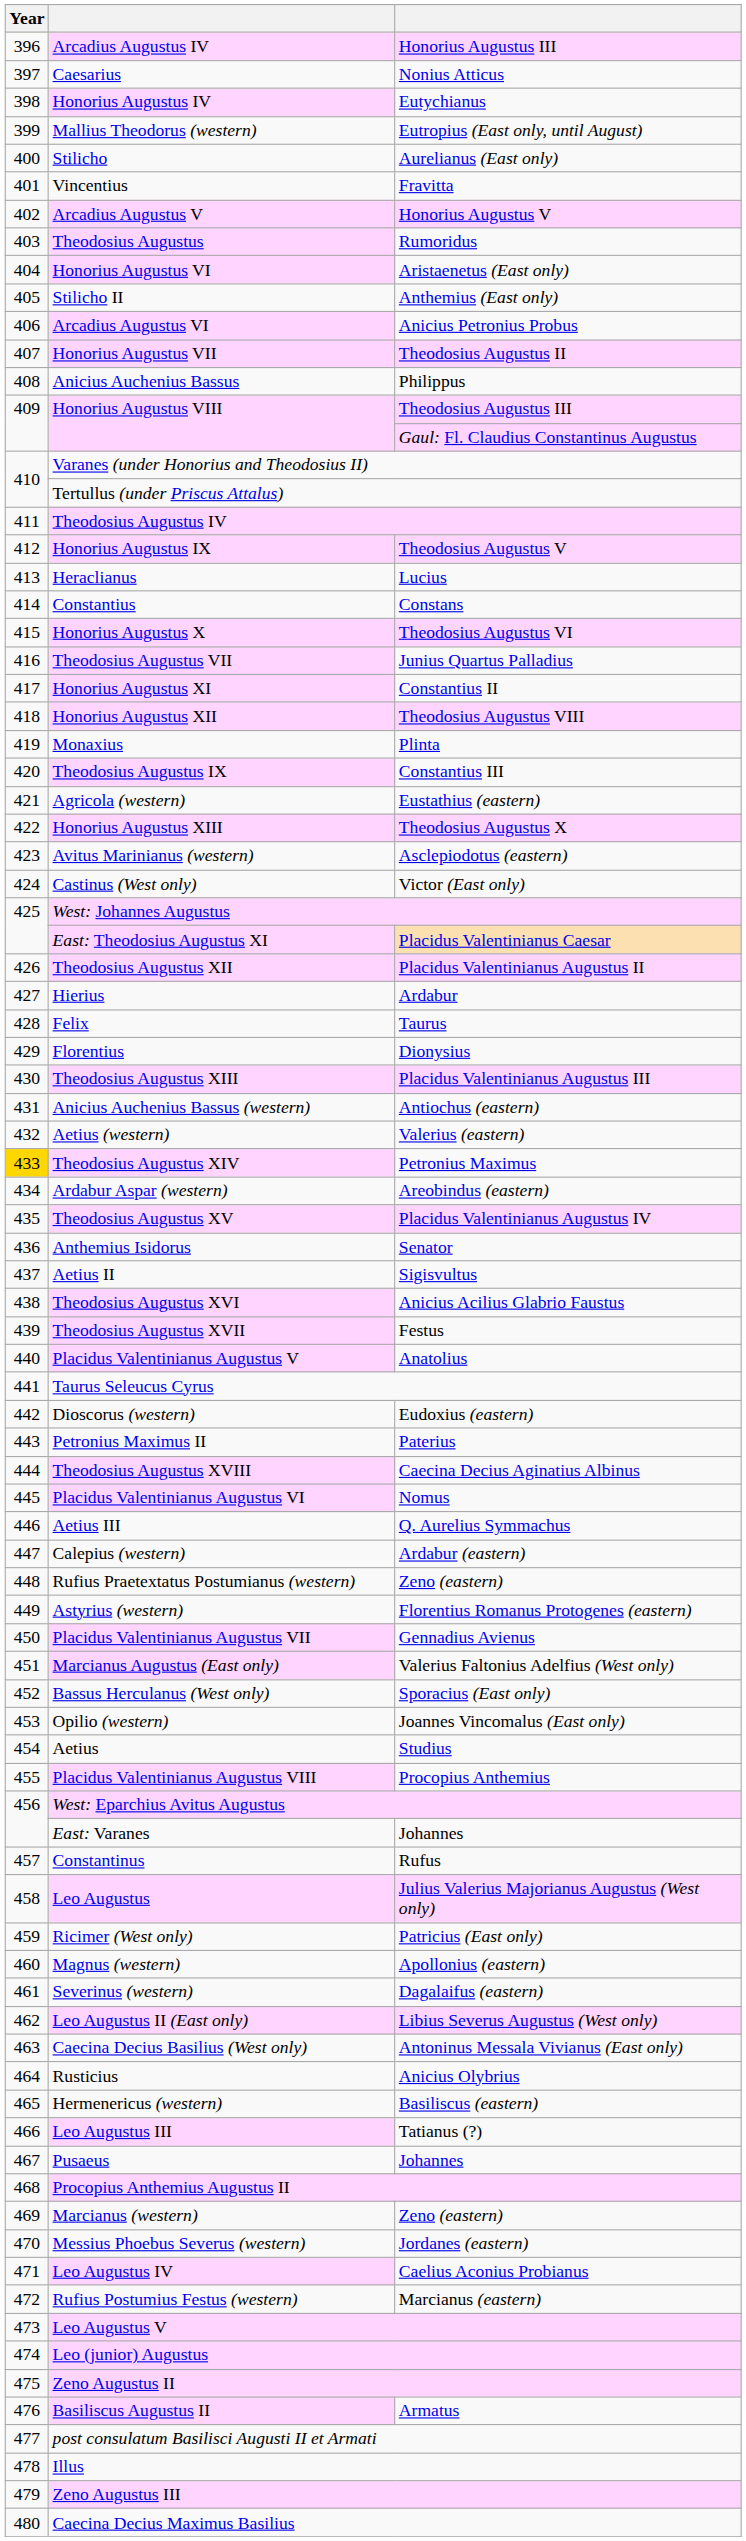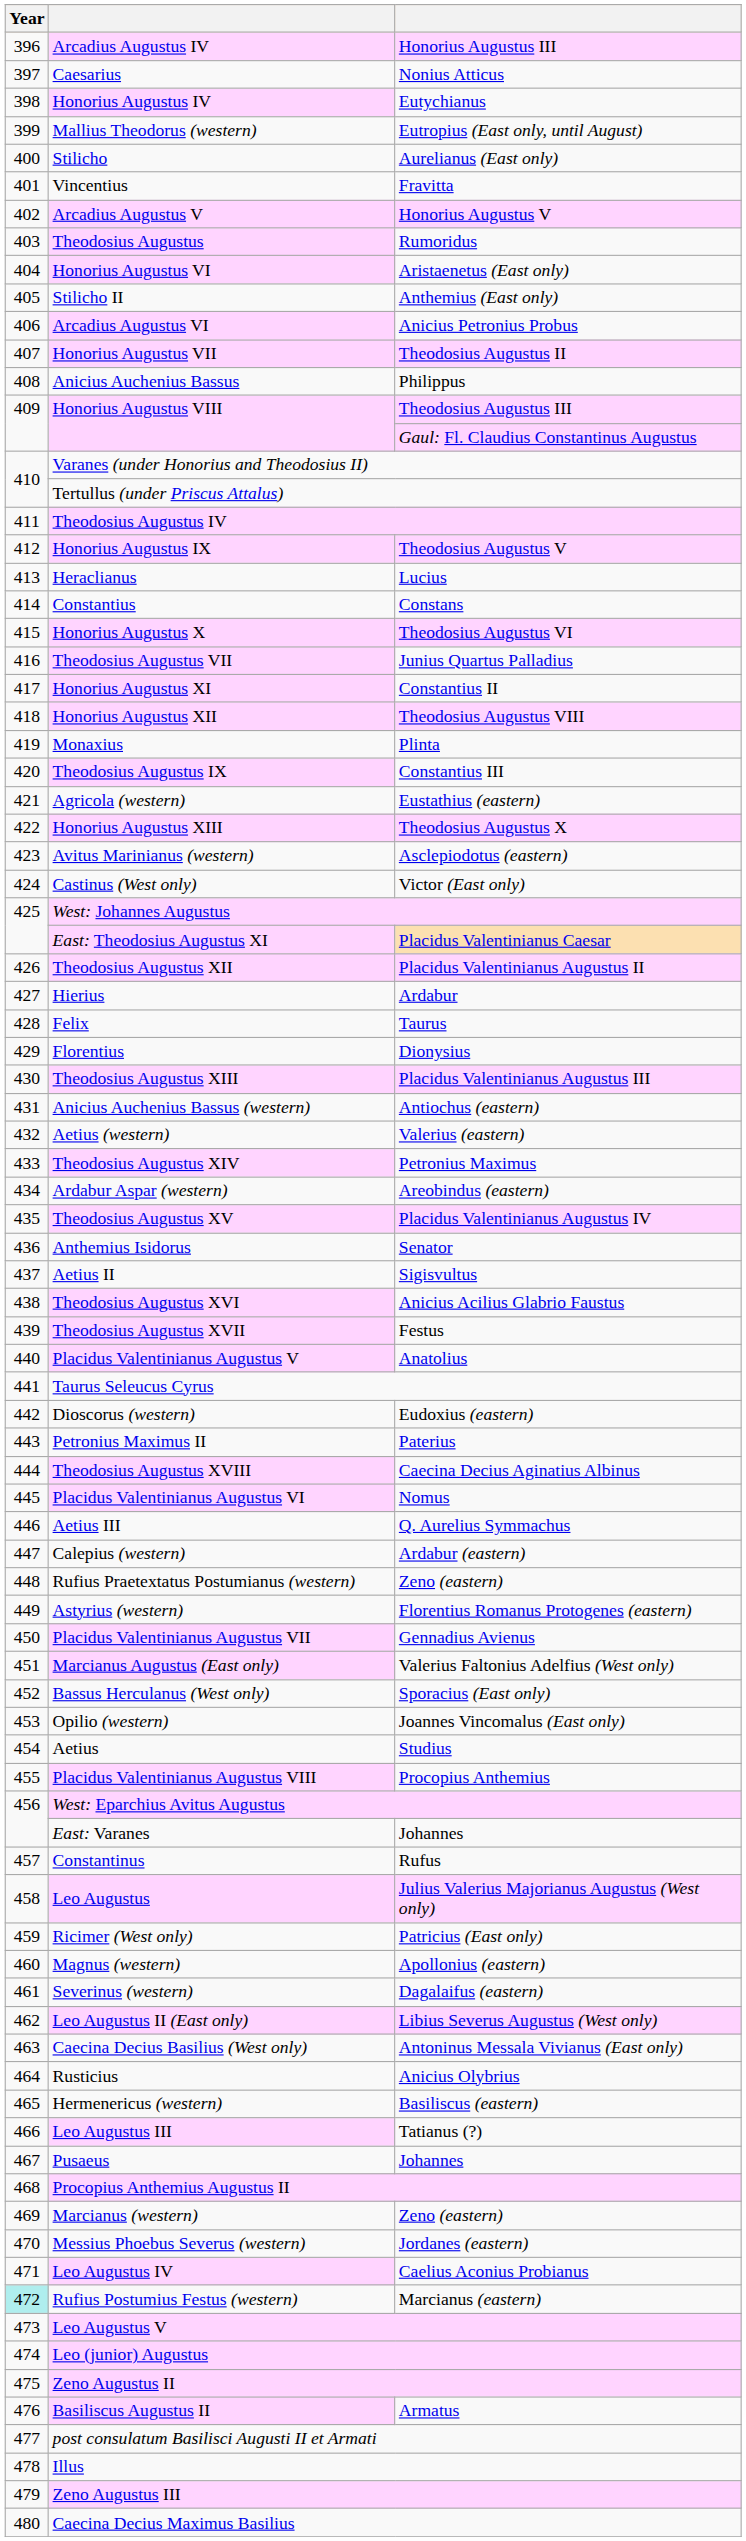 <table class="wikitable" style="width:670px; margin-left: auto; margin-right: auto; border: none;">
 <tr bgcolor="#FFDEAD">
 <th width=4%>Year</th>
 <th width=48%></th>
 <th width=48%></th>
 </tr>
 <tr>
 <td align=center>396</td>
 <td bgcolor="#ffd4ff"><a href='#'>Arcadius Augustus</a> IV</td>
 <td bgcolor="#ffd4ff"><a href='#'>Honorius Augustus</a> III</td>
 </tr>
 <tr>
 <td align=center>397</td>
 <td><a href='#'>Caesarius</a></td>
 <td><a href='#'>Nonius Atticus</a></td>
 </tr>
 <tr>
 <td align=center>398</td>
 <td bgcolor="#ffd4ff"><a href='#'>Honorius Augustus</a> IV</td>
 <td><a href='#'>Eutychianus</a></td>
 </tr>
 <tr>
 <td align=center>399</td>
 <td><a href='#'>Mallius Theodorus</a> <em>(western)</em></td>
 <td><a href='#'>Eutropius</a> <em>(East only, until August)</em></td>
 </tr>
 <tr>
 <td align=center>400</td>
 <td><a href='#'>Stilicho</a></td>
 <td><a href='#'>Aurelianus</a> <em>(East only)</em></td>
 </tr>
 <tr>
 <td align=center>401</td>
 <td>Vincentius</td>
 <td><a href='#'>Fravitta</a></td>
 </tr>
 <tr>
 <td align=center>402</td>
 <td bgcolor="#ffd4ff"><a href='#'>Arcadius Augustus</a> V</td>
 <td bgcolor="#ffd4ff"><a href='#'>Honorius Augustus</a> V</td>
 </tr>
 <tr>
 <td align=center>403</td>
 <td bgcolor="#ffd4ff"><a href='#'>Theodosius Augustus</a></td>
 <td><a href='#'>Rumoridus</a></td>
 </tr>
 <tr>
 <td align=center>404</td>
 <td bgcolor="#ffd4ff"><a href='#'>Honorius Augustus</a> VI</td>
 <td><a href='#'>Aristaenetus</a> <em>(East only)</em></td>
 </tr>
 <tr>
 <td align=center>405</td>
 <td><a href='#'>Stilicho</a> II</td>
 <td><a href='#'>Anthemius</a> <em>(East only)</em></td>
 </tr>
 <tr>
 <td align=center>406</td>
 <td bgcolor="#ffd4ff"><a href='#'>Arcadius Augustus</a> VI</td>
 <td><a href='#'>Anicius Petronius Probus</a></td>
 </tr>
 <tr>
 <td align=center>407</td>
 <td bgcolor="#ffd4ff"><a href='#'>Honorius Augustus</a> VII</td>
 <td bgcolor="#ffd4ff"><a href='#'>Theodosius Augustus</a> II</td>
 </tr>
 <tr>
 <td align=center>408</td>
 <td><a href='#'>Anicius Auchenius Bassus</a></td>
 <td>Philippus</td>
 </tr>
 <tr>
 <td align=center rowspan="2" style="vertical-align: top;">409</td>
 <td rowspan="2" style="vertical-align: top;" bgcolor="#ffd4ff"><a href='#'>Honorius Augustus</a> VIII</td>
 <td bgcolor="#ffd4ff"><a href='#'>Theodosius Augustus</a> III</td>
 </tr>
 <tr>
 <td bgcolor="#ffd4ff"><em>Gaul:</em> <a href='#'>Fl. Claudius Constantinus Augustus</a></td>
 </tr>
 <tr>
 <td rowspan="2" align="center">410</td>
 <td colspan="2"><a href='#'>Varanes</a> <em>(under Honorius and Theodosius II)</em></td>
 </tr>
 <tr>
 <td colspan="2">Tertullus <em>(under <a href='#'>Priscus Attalus</a>)</em></td>
 </tr>
 <tr>
 <td align=center>411</td>
 <td colspan="2" bgcolor="#ffd4ff"><a href='#'>Theodosius Augustus</a> IV</td>
 </tr>
 <tr>
 <td align=center>412</td>
 <td bgcolor="#ffd4ff"><a href='#'>Honorius Augustus</a> IX</td>
 <td bgcolor="#ffd4ff"><a href='#'>Theodosius Augustus</a> V</td>
 </tr>
 <tr>
 <td align=center>413</td>
 <td><a href='#'>Heraclianus</a></td>
 <td><a href='#'>Lucius</a></td>
 </tr>
 <tr>
 <td align=center>414</td>
 <td><a href='#'>Constantius</a></td>
 <td><a href='#'>Constans</a></td>
 </tr>
 <tr>
 <td align=center>415</td>
 <td bgcolor="#ffd4ff"><a href='#'>Honorius Augustus</a> X</td>
 <td bgcolor="#ffd4ff"><a href='#'>Theodosius Augustus</a> VI</td>
 </tr>
 <tr>
 <td align=center>416</td>
 <td bgcolor="#ffd4ff"><a href='#'>Theodosius Augustus</a> VII</td>
 <td><a href='#'>Junius Quartus Palladius</a></td>
 </tr>
 <tr>
 <td align=center>417</td>
 <td bgcolor="#ffd4ff"><a href='#'>Honorius Augustus</a> XI</td>
 <td><a href='#'>Constantius</a> II</td>
 </tr>
 <tr>
 <td align=center>418</td>
 <td bgcolor="#ffd4ff"><a href='#'>Honorius Augustus</a> XII</td>
 <td bgcolor="#ffd4ff"><a href='#'>Theodosius Augustus</a> VIII</td>
 </tr>
 <tr>
 <td align=center>419</td>
 <td><a href='#'>Monaxius</a></td>
 <td><a href='#'>Plinta</a></td>
 </tr>
 <tr>
 <td align=center>420</td>
 <td bgcolor="#ffd4ff"><a href='#'>Theodosius Augustus</a> IX</td>
 <td><a href='#'>Constantius</a> III</td>
 </tr>
 <tr>
 <td align=center>421</td>
 <td><a href='#'>Agricola</a> <em>(western)</em></td>
 <td><a href='#'>Eustathius</a> <em>(eastern)</em></td>
 </tr>
 <tr>
 <td align=center>422</td>
 <td bgcolor="#ffd4ff"><a href='#'>Honorius Augustus</a> XIII</td>
 <td bgcolor="#ffd4ff"><a href='#'>Theodosius Augustus</a> X</td>
 </tr>
 <tr>
 <td align=center>423</td>
 <td><a href='#'>Avitus Marinianus</a> <em>(western)</em></td>
 <td><a href='#'>Asclepiodotus</a> <em>(eastern)</em></td>
 </tr>
 <tr>
 <td align=center>424</td>
 <td><a href='#'>Castinus</a> <em>(West only)</em></td>
 <td>Victor <em>(East only)</em></td>
 </tr>
 <tr>
 <td align=center rowspan="2" style="vertical-align: top;">425</td>
 <td colspan="2" bgcolor="#ffd4ff"><em>West:</em> <a href='#'>Johannes Augustus</a></td>
 </tr>
 <tr>
 <td bgcolor="#ffd4ff"><em>East:</em> <a href='#'>Theodosius Augustus</a> XI</td>
 <td bgcolor="#fce0b1"><a href='#'>Placidus Valentinianus Caesar</a></td>
 </tr>
 <tr>
 <td align=center>426</td>
 <td bgcolor="#ffd4ff"><a href='#'>Theodosius Augustus</a> XII</td>
 <td bgcolor="#ffd4ff"><a href='#'>Placidus Valentinianus Augustus</a> II</td>
 </tr>
 <tr>
 <td align=center>427</td>
 <td><a href='#'>Hierius</a></td>
 <td><a href='#'>Ardabur</a></td>
 </tr>
 <tr>
 <td align=center>428</td>
 <td><a href='#'>Felix</a></td>
 <td><a href='#'>Taurus</a></td>
 </tr>
 <tr>
 <td align=center>429</td>
 <td><a href='#'>Florentius</a></td>
 <td><a href='#'>Dionysius</a></td>
 </tr>
 <tr>
 <td align=center>430</td>
 <td bgcolor="#ffd4ff"><a href='#'>Theodosius Augustus</a> XIII</td>
 <td bgcolor="#ffd4ff"><a href='#'>Placidus Valentinianus Augustus</a> III</td>
 </tr>
 <tr>
 <td align=center>431</td>
 <td><a href='#'>Anicius Auchenius Bassus</a> <em>(western)</em></td>
 <td><a href='#'>Antiochus</a> <em>(eastern)</em></td>
 </tr>
 <tr>
 <td align=center>432</td>
 <td><a href='#'>Aetius</a> <em>(western)</em></td>
 <td><a href='#'>Valerius</a> <em>(eastern)</em></td>
 </tr>
 <tr>
-<td align=center style="background: gold;">433</td>
+<td align=center>433</td>
 <td bgcolor="#ffd4ff"><a href='#'>Theodosius Augustus</a> XIV</td>
 <td><a href='#'>Petronius Maximus</a></td>
 </tr>
 <tr>
 <td align=center>434</td>
 <td><a href='#'>Ardabur Aspar</a> <em>(western)</em></td>
 <td><a href='#'>Areobindus</a> <em>(eastern)</em></td>
 </tr>
 <tr>
 <td align=center>435</td>
 <td bgcolor="#ffd4ff"><a href='#'>Theodosius Augustus</a> XV</td>
 <td bgcolor="#ffd4ff"><a href='#'>Placidus Valentinianus Augustus</a> IV</td>
 </tr>
 <tr>
 <td align=center>436</td>
 <td><a href='#'>Anthemius Isidorus</a></td>
 <td><a href='#'>Senator</a></td>
 </tr>
 <tr>
 <td align=center>437</td>
 <td><a href='#'>Aetius</a> II</td>
 <td><a href='#'>Sigisvultus</a></td>
 </tr>
 <tr>
 <td align=center>438</td>
 <td bgcolor="#ffd4ff"><a href='#'>Theodosius Augustus</a> XVI</td>
 <td><a href='#'>Anicius Acilius Glabrio Faustus</a></td>
 </tr>
 <tr>
 <td align=center>439</td>
 <td bgcolor="#ffd4ff"><a href='#'>Theodosius Augustus</a> XVII</td>
 <td>Festus</td>
 </tr>
 <tr>
 <td align=center>440</td>
 <td bgcolor="#ffd4ff"><a href='#'>Placidus Valentinianus Augustus</a> V</td>
 <td><a href='#'>Anatolius</a></td>
 </tr>
 <tr>
 <td align=center>441</td>
 <td colspan="2"><a href='#'>Taurus Seleucus Cyrus</a></td>
 </tr>
 <tr>
 <td align=center>442</td>
 <td>Dioscorus <em>(western)</em></td>
 <td>Eudoxius <em>(eastern)</em></td>
 </tr>
 <tr>
 <td align=center>443</td>
 <td><a href='#'>Petronius Maximus</a> II</td>
 <td><a href='#'>Paterius</a></td>
 </tr>
 <tr>
 <td align=center>444</td>
 <td bgcolor="#ffd4ff"><a href='#'>Theodosius Augustus</a> XVIII</td>
 <td><a href='#'>Caecina Decius Aginatius Albinus</a></td>
 </tr>
 <tr>
 <td align=center>445</td>
 <td bgcolor="#ffd4ff"><a href='#'>Placidus Valentinianus Augustus</a> VI</td>
 <td><a href='#'>Nomus</a></td>
 </tr>
 <tr>
 <td align=center>446</td>
 <td><a href='#'>Aetius</a> III</td>
 <td><a href='#'>Q. Aurelius Symmachus</a></td>
 </tr>
 <tr>
 <td align=center>447</td>
 <td>Calepius <em>(western)</em></td>
 <td><a href='#'>Ardabur</a> <em>(eastern)</em></td>
 </tr>
 <tr>
 <td align=center>448</td>
 <td>Rufius Praetextatus Postumianus <em>(western)</em></td>
 <td><a href='#'>Zeno</a> <em>(eastern)</em></td>
 </tr>
 <tr>
 <td align=center>449</td>
 <td><a href='#'>Astyrius</a> <em>(western)</em></td>
 <td><a href='#'>Florentius Romanus Protogenes</a> <em>(eastern)</em></td>
 </tr>
 <tr>
 <td align=center>450</td>
 <td bgcolor="#ffd4ff"><a href='#'>Placidus Valentinianus Augustus</a> VII</td>
 <td><a href='#'>Gennadius Avienus</a></td>
 </tr>
 <tr>
 <td align=center>451</td>
 <td bgcolor="#ffd4ff"><a href='#'>Marcianus Augustus</a> <em>(East only)</em></td>
 <td>Valerius Faltonius Adelfius <em>(West only)</em></td>
 </tr>
 <tr>
 <td align=center>452</td>
 <td><a href='#'>Bassus Herculanus</a> <em>(West only)</em></td>
 <td><a href='#'>Sporacius</a> <em>(East only)</em></td>
 </tr>
 <tr>
 <td align=center>453</td>
 <td>Opilio <em>(western)</em></td>
 <td>Joannes Vincomalus <em>(East only)</em></td>
 </tr>
 <tr>
 <td align=center>454</td>
 <td>Aetius</td>
 <td><a href='#'>Studius</a></td>
 </tr>
 <tr>
 <td align=center>455</td>
 <td bgcolor="#ffd4ff"><a href='#'>Placidus Valentinianus Augustus</a> VIII</td>
 <td><a href='#'>Procopius Anthemius</a></td>
 </tr>
 <tr>
 <td align=center rowspan="2" style="vertical-align: top;">456</td>
 <td colspan="2" bgcolor="#ffd4ff"><em>West:</em> <a href='#'>Eparchius Avitus Augustus</a></td>
 </tr>
 <tr>
 <td><em>East:</em> Varanes</td>
 <td>Johannes</td>
 </tr>
 <tr>
 <td align=center>457</td>
 <td><a href='#'>Constantinus</a></td>
 <td>Rufus</td>
 </tr>
 <tr>
 <td align=center>458</td>
 <td bgcolor="#ffd4ff"><a href='#'>Leo Augustus</a></td>
 <td bgcolor="#ffd4ff"><a href='#'>Julius Valerius Majorianus Augustus</a> <em>(West only)</em></td>
 </tr>
 <tr>
 <td align=center>459</td>
 <td><a href='#'>Ricimer</a> <em>(West only)</em></td>
 <td><a href='#'>Patricius</a> <em>(East only)</em></td>
 </tr>
 <tr>
 <td align=center>460</td>
 <td><a href='#'>Magnus</a> <em>(western)</em></td>
 <td><a href='#'>Apollonius</a> <em>(eastern)</em></td>
 </tr>
 <tr>
 <td align=center>461</td>
 <td><a href='#'>Severinus</a> <em>(western)</em></td>
 <td><a href='#'>Dagalaifus</a> <em>(eastern)</em></td>
 </tr>
 <tr>
 <td align=center>462</td>
 <td bgcolor="#ffd4ff"><a href='#'>Leo Augustus</a> II <em>(East only)</em></td>
 <td bgcolor="#ffd4ff"><a href='#'>Libius Severus Augustus</a> <em>(West only)</em></td>
 </tr>
 <tr>
 <td align=center>463</td>
 <td><a href='#'>Caecina Decius Basilius</a> <em>(West only)</em></td>
 <td><a href='#'>Antoninus Messala Vivianus</a> <em>(East only)</em></td>
 </tr>
 <tr>
 <td align=center>464</td>
 <td>Rusticius</td>
 <td><a href='#'>Anicius Olybrius</a></td>
 </tr>
 <tr>
 <td align=center>465</td>
 <td>Hermenericus <em>(western)</em></td>
 <td><a href='#'>Basiliscus</a> <em>(eastern)</em></td>
 </tr>
 <tr>
 <td align=center>466</td>
 <td bgcolor="#ffd4ff"><a href='#'>Leo Augustus</a> III</td>
 <td>Tatianus (?)</td>
 </tr>
 <tr>
 <td align=center>467</td>
 <td><a href='#'>Pusaeus</a></td>
 <td><a href='#'>Johannes</a></td>
 </tr>
 <tr>
 <td align=center>468</td>
 <td colspan="2" bgcolor="#ffd4ff"><a href='#'>Procopius Anthemius Augustus</a> II</td>
 </tr>
 <tr>
 <td align=center>469</td>
 <td><a href='#'>Marcianus</a> <em>(western)</em></td>
 <td><a href='#'>Zeno</a> <em>(eastern)</em></td>
 </tr>
 <tr>
 <td align=center>470</td>
 <td><a href='#'>Messius Phoebus Severus</a> <em>(western)</em></td>
 <td><a href='#'>Jordanes</a> <em>(eastern)</em></td>
 </tr>
 <tr>
 <td align=center>471</td>
 <td bgcolor="#ffd4ff"><a href='#'>Leo Augustus</a> IV</td>
 <td><a href='#'>Caelius Aconius Probianus</a></td>
 </tr>
 <tr>
-<td align=center>472</td>
+<td align=center style="background: paleturquoise;">472</td>
 <td><a href='#'>Rufius Postumius Festus</a> <em>(western)</em></td>
 <td>Marcianus <em>(eastern)</em></td>
 </tr>
 <tr>
 <td align=center>473</td>
 <td colspan="2" bgcolor="#ffd4ff"><a href='#'>Leo Augustus</a> V</td>
 </tr>
 <tr>
 <td align=center>474</td>
 <td colspan="2" bgcolor="#ffd4ff"><a href='#'>Leo (junior) Augustus</a></td>
 </tr>
 <tr>
 <td align=center>475</td>
 <td colspan="2" bgcolor="#ffd4ff"><a href='#'>Zeno Augustus</a> II</td>
 </tr>
 <tr>
 <td align=center>476</td>
 <td bgcolor="#ffd4ff"><a href='#'>Basiliscus Augustus</a> II</td>
 <td><a href='#'>Armatus</a></td>
 </tr>
 <tr>
 <td align=center>477</td>
 <td colspan="2"><em>post consulatum Basilisci Augusti II et Armati</em></td>
 </tr>
 <tr>
 <td align=center>478</td>
 <td colspan="2"><a href='#'>Illus</a></td>
 </tr>
 <tr>
 <td align=center>479</td>
 <td colspan="2" bgcolor="#ffd4ff"><a href='#'>Zeno Augustus</a> III</td>
 </tr>
 <tr>
 <td align=center>480</td>
 <td colspan="2"><a href='#'>Caecina Decius Maximus Basilius</a></td>
 </tr>
 </table>
